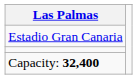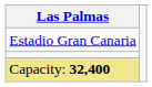 <table class="wikitable" style="margin-left: auto; margin-right: auto; border: none;">
 <tr>
 <th><a href='#'>Las Palmas</a></th>
 <td rowspan="4"><br></td>
 </tr>
 <tr>
 <td><a href='#'>Estadio Gran Canaria</a></td>
 </tr>
 <tr>
 <td><small></small></td>
 </tr>
 <tr>
-<td>Capacity: <strong>32,400</strong></td>
+<td style="background: khaki;">Capacity: <strong>32,400</strong></td>
 </tr>
 </table>
